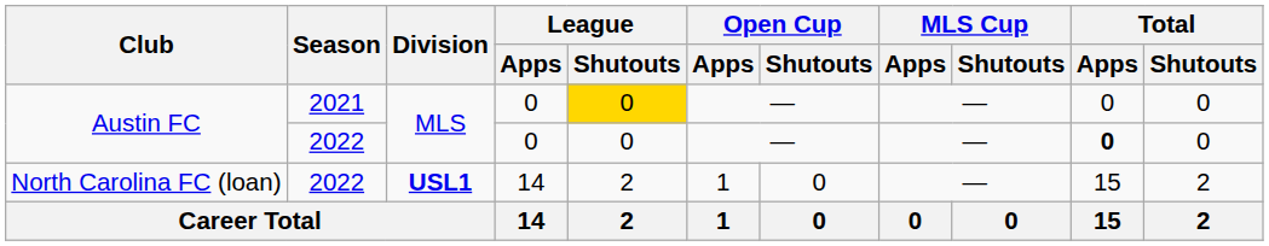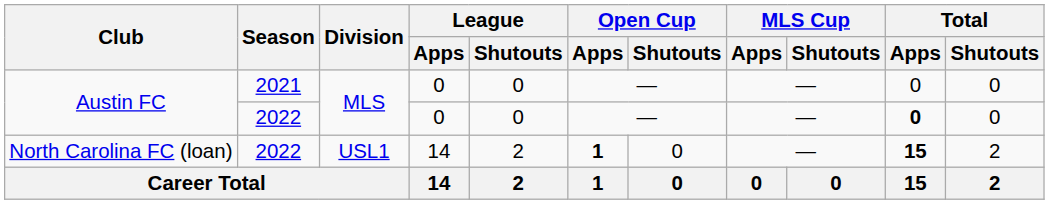 <table class="wikitable" style="text-align:center;">
 <tr>
 <th rowspan="2">Club</th>
 <th rowspan="2">Season</th>
 <th rowspan="2">Division</th>
 <th colspan="2">League</th>
 <th colspan="2"><a href='#'>Open Cup</a></th>
 <th colspan="2"><a href='#'>MLS Cup</a></th>
 <th colspan="2">Total</th>
 </tr>
 <tr>
 <th>Apps</th>
 <th>Shutouts</th>
 <th>Apps</th>
 <th>Shutouts</th>
 <th>Apps</th>
 <th>Shutouts</th>
 <th>Apps</th>
 <th>Shutouts</th>
 </tr>
 <tr>
 <td rowspan=2><a href='#'>Austin FC</a></td>
 <td><a href='#'>2021</a></td>
 <td rowspan=2><a href='#'>MLS</a></td>
 <td>0</td>
-<td style="background: gold;">0</td>
+<td>0</td>
 <td colspan="2">—</td>
 <td colspan="2">—</td>
 <td>0</td>
 <td>0</td>
 </tr>
 <tr>
 <td><a href='#'>2022</a></td>
 <td>0</td>
 <td>0</td>
 <td colspan="2">—</td>
 <td colspan="2">—</td>
 <td><strong>0</strong></td>
 <td>0</td>
 </tr>
 <tr>
 <td><a href='#'>North Carolina FC</a> (loan)</td>
 <td><a href='#'>2022</a></td>
-<td><strong><a href='#'>USL1</a></strong></td>
+<td><a href='#'>USL1</a></td>
 <td>14</td>
 <td>2</td>
-<td>1</td>
+<td><strong>1</strong></td>
 <td>0</td>
 <td colspan="2">—</td>
-<td>15</td>
+<td><strong>15</strong></td>
 <td>2</td>
 </tr>
 <tr>
 <th colspan="3">Career Total</th>
 <th>14</th>
 <th>2</th>
 <th>1</th>
 <th>0</th>
 <th>0</th>
 <th>0</th>
 <th>15</th>
 <th>2</th>
 </tr>
 </table>
